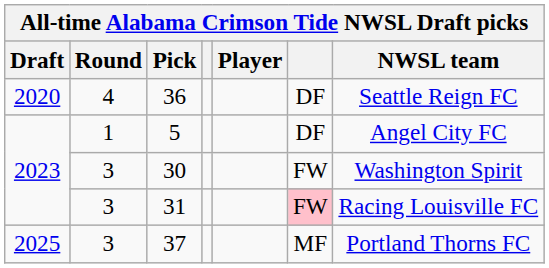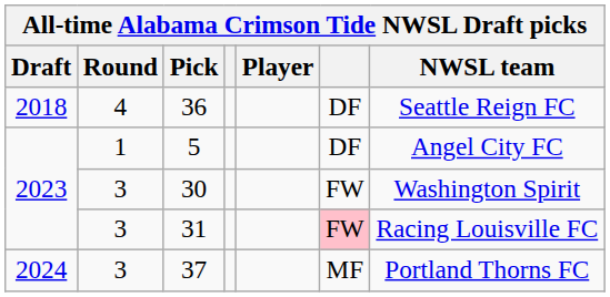 <table class="wikitable sortable" style="text-align: center;">
 <tr>
 <th colspan="7" style="background:#">All-time <a href='#'><span>Alabama Crimson Tide</span></a> NWSL Draft picks</th>
 </tr>
 <tr>
 <th scope="col">Draft</th>
 <th scope="col">Round</th>
 <th scope="col">Pick</th>
 <th scope="col"></th>
 <th scope="col">Player</th>
 <th scope="col"></th>
 <th scope="col">NWSL team</th>
 </tr>
 <tr>
-<td><a href='#'>2020</a></td>
+<td><a href='#'>2018</a></td>
 <td>4</td>
 <td>36</td>
 <td></td>
 <td></td>
 <td>DF</td>
 <td><a href='#'>Seattle Reign FC</a></td>
 </tr>
 <tr>
 <td rowspan="3"><a href='#'>2023</a></td>
 <td>1</td>
 <td>5</td>
 <td></td>
 <td></td>
 <td>DF</td>
 <td><a href='#'>Angel City FC</a></td>
 </tr>
 <tr>
 <td>3</td>
 <td>30</td>
 <td></td>
 <td></td>
 <td>FW</td>
 <td><a href='#'>Washington Spirit</a></td>
 </tr>
 <tr>
 <td>3</td>
 <td>31</td>
 <td></td>
 <td></td>
 <td style="background: pink;">FW</td>
 <td><a href='#'>Racing Louisville FC</a></td>
 </tr>
 <tr>
-<td><a href='#'>2025</a></td>
+<td><a href='#'>2024</a></td>
 <td>3</td>
 <td>37</td>
 <td></td>
 <td></td>
 <td>MF</td>
 <td><a href='#'>Portland Thorns FC</a></td>
 </tr>
 </table>
